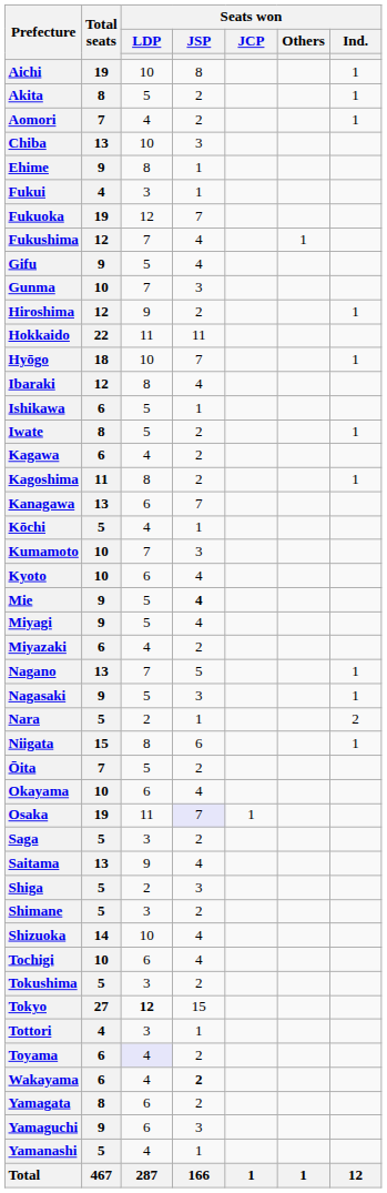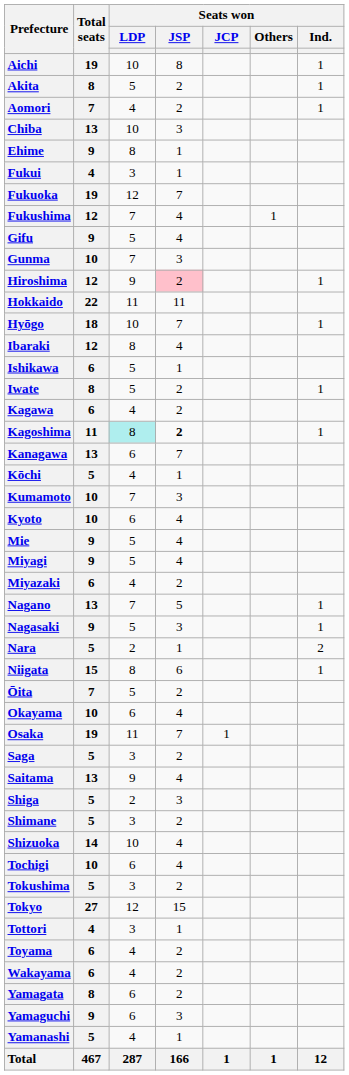 <table class="wikitable" style="text-align:center; font-size: 0.9em;">
 <tr>
 <th rowspan="3">Prefecture</th>
 <th rowspan="3">Total<br>seats</th>
 <th colspan="5">Seats won</th>
 </tr>
 <tr>
 <th class="unsortable" style="width:45px;"><a href='#'>LDP</a></th>
 <th class="unsortable" style="width:45px;"><a href='#'>JSP</a></th>
 <th class="unsortable" style="width:45px;"><a href='#'>JCP</a></th>
 <th class="unsortable" style="width:45px;">Others</th>
 <th class="unsortable" style="width:45px;">Ind.</th>
 </tr>
 <tr>
 <th style="background:"></th>
 <th style="background:"></th>
 <th style="background:"></th>
 <th></th>
 <th style="background:"></th>
 </tr>
 <tr>
 <th style="text-align: left;"><a href='#'>Aichi</a></th>
 <th>19</th>
 <td>10</td>
 <td>8</td>
 <td></td>
 <td></td>
 <td>1</td>
 </tr>
 <tr>
 <th style="text-align: left;"><a href='#'>Akita</a></th>
 <th>8</th>
 <td>5</td>
 <td>2</td>
 <td></td>
 <td></td>
 <td>1</td>
 </tr>
 <tr>
 <th style="text-align: left;"><a href='#'>Aomori</a></th>
 <th>7</th>
 <td>4</td>
 <td>2</td>
 <td></td>
 <td></td>
 <td>1</td>
 </tr>
 <tr>
 <th style="text-align: left;"><a href='#'>Chiba</a></th>
 <th>13</th>
 <td>10</td>
 <td>3</td>
 <td></td>
 <td></td>
 <td></td>
 </tr>
 <tr>
 <th style="text-align: left;"><a href='#'>Ehime</a></th>
 <th>9</th>
 <td>8</td>
 <td>1</td>
 <td></td>
 <td></td>
 <td></td>
 </tr>
 <tr>
 <th style="text-align: left;"><a href='#'>Fukui</a></th>
 <th>4</th>
 <td>3</td>
 <td>1</td>
 <td></td>
 <td></td>
 <td></td>
 </tr>
 <tr>
 <th style="text-align: left;"><a href='#'>Fukuoka</a></th>
 <th>19</th>
 <td>12</td>
 <td>7</td>
 <td></td>
 <td></td>
 <td></td>
 </tr>
 <tr>
 <th style="text-align: left;"><a href='#'>Fukushima</a></th>
 <th>12</th>
 <td>7</td>
 <td>4</td>
 <td></td>
 <td>1</td>
 <td></td>
 </tr>
 <tr>
 <th style="text-align: left;"><a href='#'>Gifu</a></th>
 <th>9</th>
 <td>5</td>
 <td>4</td>
 <td></td>
 <td></td>
 <td></td>
 </tr>
 <tr>
 <th style="text-align: left;"><a href='#'>Gunma</a></th>
 <th>10</th>
 <td>7</td>
 <td>3</td>
 <td></td>
 <td></td>
 <td></td>
 </tr>
 <tr>
 <th style="text-align: left;"><a href='#'>Hiroshima</a></th>
 <th>12</th>
 <td>9</td>
-<td>2</td>
+<td style="background: pink;">2</td>
 <td></td>
 <td></td>
 <td>1</td>
 </tr>
 <tr>
 <th style="text-align: left;"><a href='#'>Hokkaido</a></th>
 <th>22</th>
 <td>11</td>
 <td>11</td>
 <td></td>
 <td></td>
 <td></td>
 </tr>
 <tr>
 <th style="text-align: left;"><a href='#'>Hyōgo</a></th>
 <th>18</th>
 <td>10</td>
 <td>7</td>
 <td></td>
 <td></td>
 <td>1</td>
 </tr>
 <tr>
 <th style="text-align: left;"><a href='#'>Ibaraki</a></th>
 <th>12</th>
 <td>8</td>
 <td>4</td>
 <td></td>
 <td></td>
 <td></td>
 </tr>
 <tr>
 <th style="text-align: left;"><a href='#'>Ishikawa</a></th>
 <th>6</th>
 <td>5</td>
 <td>1</td>
 <td></td>
 <td></td>
 <td></td>
 </tr>
 <tr>
 <th style="text-align: left;"><a href='#'>Iwate</a></th>
 <th>8</th>
 <td>5</td>
 <td>2</td>
 <td></td>
 <td></td>
 <td>1</td>
 </tr>
 <tr>
 <th style="text-align: left;"><a href='#'>Kagawa</a></th>
 <th>6</th>
 <td>4</td>
 <td>2</td>
 <td></td>
 <td></td>
 <td></td>
 </tr>
 <tr>
 <th style="text-align: left;"><a href='#'>Kagoshima</a></th>
 <th>11</th>
-<td>8</td>
-<td>2</td>
+<td style="background: paleturquoise;">8</td>
+<td><strong>2</strong></td>
 <td></td>
 <td></td>
 <td>1</td>
 </tr>
 <tr>
 <th style="text-align: left;"><a href='#'>Kanagawa</a></th>
 <th>13</th>
 <td>6</td>
 <td>7</td>
 <td></td>
 <td></td>
 <td></td>
 </tr>
 <tr>
 <th style="text-align: left;"><a href='#'>Kōchi</a></th>
 <th>5</th>
 <td>4</td>
 <td>1</td>
 <td></td>
 <td></td>
 <td></td>
 </tr>
 <tr>
 <th style="text-align: left;"><a href='#'>Kumamoto</a></th>
 <th>10</th>
 <td>7</td>
 <td>3</td>
 <td></td>
 <td></td>
 <td></td>
 </tr>
 <tr>
 <th style="text-align: left;"><a href='#'>Kyoto</a></th>
 <th>10</th>
 <td>6</td>
 <td>4</td>
 <td></td>
 <td></td>
 <td></td>
 </tr>
 <tr>
 <th style="text-align: left;"><a href='#'>Mie</a></th>
 <th>9</th>
 <td>5</td>
-<td><strong>4</strong></td>
+<td>4</td>
 <td></td>
 <td></td>
 <td></td>
 </tr>
 <tr>
 <th style="text-align: left;"><a href='#'>Miyagi</a></th>
 <th>9</th>
 <td>5</td>
 <td>4</td>
 <td></td>
 <td></td>
 <td></td>
 </tr>
 <tr>
 <th style="text-align: left;"><a href='#'>Miyazaki</a></th>
 <th>6</th>
 <td>4</td>
 <td>2</td>
 <td></td>
 <td></td>
 <td></td>
 </tr>
 <tr>
 <th style="text-align: left;"><a href='#'>Nagano</a></th>
 <th>13</th>
 <td>7</td>
 <td>5</td>
 <td></td>
 <td></td>
 <td>1</td>
 </tr>
 <tr>
 <th style="text-align: left;"><a href='#'>Nagasaki</a></th>
 <th>9</th>
 <td>5</td>
 <td>3</td>
 <td></td>
 <td></td>
 <td>1</td>
 </tr>
 <tr>
 <th style="text-align: left;"><a href='#'>Nara</a></th>
 <th>5</th>
 <td>2</td>
 <td>1</td>
 <td></td>
 <td></td>
 <td>2</td>
 </tr>
 <tr>
 <th style="text-align: left;"><a href='#'>Niigata</a></th>
 <th>15</th>
 <td>8</td>
 <td>6</td>
 <td></td>
 <td></td>
 <td>1</td>
 </tr>
 <tr>
 <th style="text-align: left;"><a href='#'>Ōita</a></th>
 <th>7</th>
 <td>5</td>
 <td>2</td>
 <td></td>
 <td></td>
 <td></td>
 </tr>
 <tr>
 <th style="text-align: left;"><a href='#'>Okayama</a></th>
 <th>10</th>
 <td>6</td>
 <td>4</td>
 <td></td>
 <td></td>
 <td></td>
 </tr>
 <tr>
 <th style="text-align: left;"><a href='#'>Osaka</a></th>
 <th>19</th>
 <td>11</td>
-<td style="background: lavender;">7</td>
+<td>7</td>
 <td>1</td>
 <td></td>
 <td></td>
 </tr>
 <tr>
 <th style="text-align: left;"><a href='#'>Saga</a></th>
 <th>5</th>
 <td>3</td>
 <td>2</td>
 <td></td>
 <td></td>
 <td></td>
 </tr>
 <tr>
 <th style="text-align: left;"><a href='#'>Saitama</a></th>
 <th>13</th>
 <td>9</td>
 <td>4</td>
 <td></td>
 <td></td>
 <td></td>
 </tr>
 <tr>
 <th style="text-align: left;"><a href='#'>Shiga</a></th>
 <th>5</th>
 <td>2</td>
 <td>3</td>
 <td></td>
 <td></td>
 <td></td>
 </tr>
 <tr>
 <th style="text-align: left;"><a href='#'>Shimane</a></th>
 <th>5</th>
 <td>3</td>
 <td>2</td>
 <td></td>
 <td></td>
 <td></td>
 </tr>
 <tr>
 <th style="text-align: left;"><a href='#'>Shizuoka</a></th>
 <th>14</th>
 <td>10</td>
 <td>4</td>
 <td></td>
 <td></td>
 <td></td>
 </tr>
 <tr>
 <th style="text-align: left;"><a href='#'>Tochigi</a></th>
 <th>10</th>
 <td>6</td>
 <td>4</td>
 <td></td>
 <td></td>
 <td></td>
 </tr>
 <tr>
 <th style="text-align: left;"><a href='#'>Tokushima</a></th>
 <th>5</th>
 <td>3</td>
 <td>2</td>
 <td></td>
 <td></td>
 <td></td>
 </tr>
 <tr>
 <th style="text-align: left;"><a href='#'>Tokyo</a></th>
 <th>27</th>
-<td><strong>12</strong></td>
+<td>12</td>
 <td>15</td>
 <td></td>
 <td></td>
 <td></td>
 </tr>
 <tr>
 <th style="text-align: left;"><a href='#'>Tottori</a></th>
 <th>4</th>
 <td>3</td>
 <td>1</td>
 <td></td>
 <td></td>
 <td></td>
 </tr>
 <tr>
 <th style="text-align: left;"><a href='#'>Toyama</a></th>
 <th>6</th>
-<td style="background: lavender;">4</td>
+<td>4</td>
 <td>2</td>
 <td></td>
 <td></td>
 <td></td>
 </tr>
 <tr>
 <th style="text-align: left;"><a href='#'>Wakayama</a></th>
 <th>6</th>
 <td>4</td>
-<td><strong>2</strong></td>
+<td>2</td>
 <td></td>
 <td></td>
 <td></td>
 </tr>
 <tr>
 <th style="text-align: left;"><a href='#'>Yamagata</a></th>
 <th>8</th>
 <td>6</td>
 <td>2</td>
 <td></td>
 <td></td>
 <td></td>
 </tr>
 <tr>
 <th style="text-align: left;"><a href='#'>Yamaguchi</a></th>
 <th>9</th>
 <td>6</td>
 <td>3</td>
 <td></td>
 <td></td>
 <td></td>
 </tr>
 <tr>
 <th style="text-align: left;"><a href='#'>Yamanashi</a></th>
 <th>5</th>
 <td>4</td>
 <td>1</td>
 <td></td>
 <td></td>
 <td></td>
 </tr>
 <tr class="sortbottom">
 <th style="text-align: left;">Total</th>
 <th>467</th>
 <th>287</th>
 <th>166</th>
 <th>1</th>
 <th>1</th>
 <th>12</th>
 </tr>
 </table>
